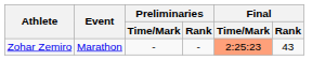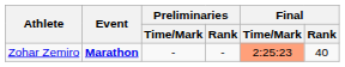 <table class=wikitable style="font-size:90%;">
 <tr>
 <th rowspan=2>Athlete</th>
 <th rowspan=2>Event</th>
 <th colspan=2>Preliminaries</th>
 <th colspan=2>Final</th>
 </tr>
 <tr>
 <th>Time/Mark</th>
 <th>Rank</th>
 <th>Time/Mark</th>
 <th>Rank</th>
 </tr>
 <tr>
 <td><a href='#'>Zohar Zemiro</a></td>
-<td><a href='#'>Marathon</a></td>
+<td><strong><a href='#'>Marathon</a></strong></td>
 <td align="center">-</td>
 <td align="center">-</td>
 <td align="center" style="background: lightsalmon;">2:25:23</td>
-<td align="center">43</td>
+<td align="center">40</td>
 </tr>
 </table>
